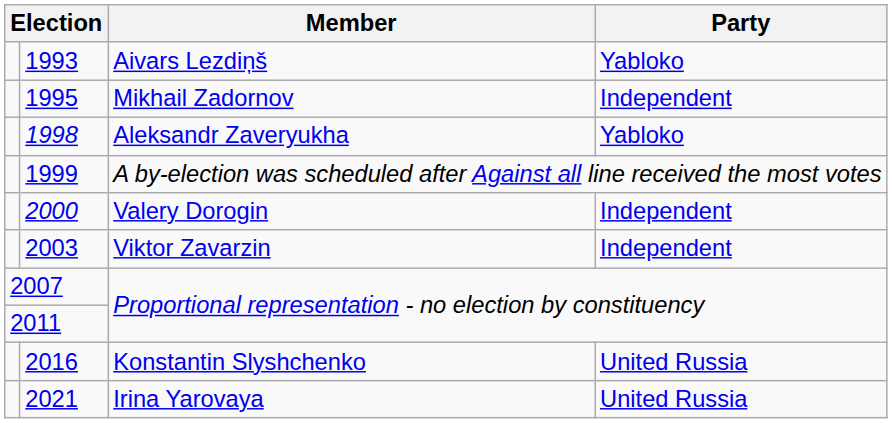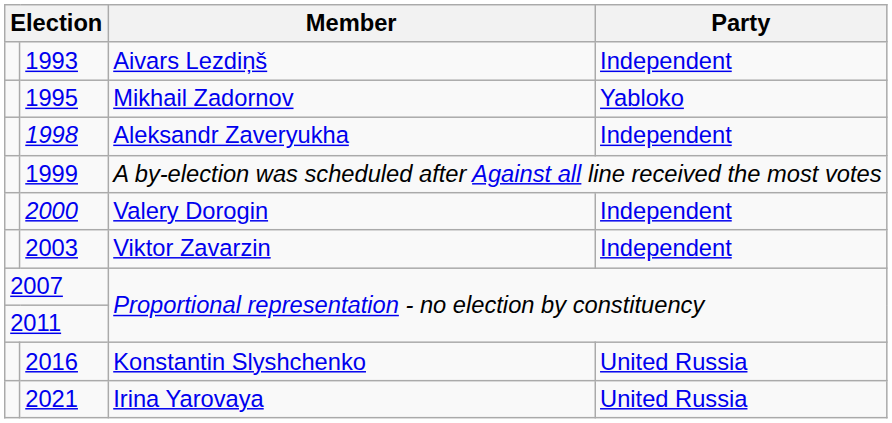 <table class="wikitable">
 <tr>
 <th colspan="2">Election</th>
 <th>Member</th>
 <th>Party</th>
 </tr>
 <tr>
 <td style="background-color:"></td>
 <td><a href='#'>1993</a></td>
 <td><a href='#'>Aivars Lezdiņš</a></td>
-<td><a href='#'>Yabloko</a></td>
+<td><a href='#'>Independent</a></td>
 </tr>
 <tr>
 <td style="background-color:"></td>
 <td><a href='#'>1995</a></td>
 <td><a href='#'>Mikhail Zadornov</a></td>
-<td><a href='#'>Independent</a></td>
+<td><a href='#'>Yabloko</a></td>
 </tr>
 <tr>
 <td style="background-color:"></td>
 <td><em><a href='#'>1998</a></em></td>
 <td><a href='#'>Aleksandr Zaveryukha</a></td>
-<td><a href='#'>Yabloko</a></td>
+<td><a href='#'>Independent</a></td>
 </tr>
 <tr>
 <td style="background-color:"></td>
 <td><a href='#'>1999</a></td>
 <td colspan=2><em>A by-election was scheduled after <a href='#'>Against all</a> line received the most votes</em></td>
 </tr>
 <tr>
 <td style="background-color:"></td>
 <td><em><a href='#'>2000</a></em></td>
 <td><a href='#'>Valery Dorogin</a></td>
 <td><a href='#'>Independent</a></td>
 </tr>
 <tr>
 <td style="background-color:"></td>
 <td><a href='#'>2003</a></td>
 <td><a href='#'>Viktor Zavarzin</a></td>
 <td><a href='#'>Independent</a></td>
 </tr>
 <tr>
 <td colspan=2><a href='#'>2007</a></td>
 <td colspan=2 rowspan=2><em><a href='#'>Proportional representation</a> - no election by constituency</em></td>
 </tr>
 <tr>
 <td colspan=2><a href='#'>2011</a></td>
 </tr>
 <tr>
 <td style="background-color: "></td>
 <td><a href='#'>2016</a></td>
 <td><a href='#'>Konstantin Slyshchenko</a></td>
 <td><a href='#'>United Russia</a></td>
 </tr>
 <tr>
 <td style="background-color: "></td>
 <td><a href='#'>2021</a></td>
 <td><a href='#'>Irina Yarovaya</a></td>
 <td><a href='#'>United Russia</a></td>
 </tr>
 </table>
